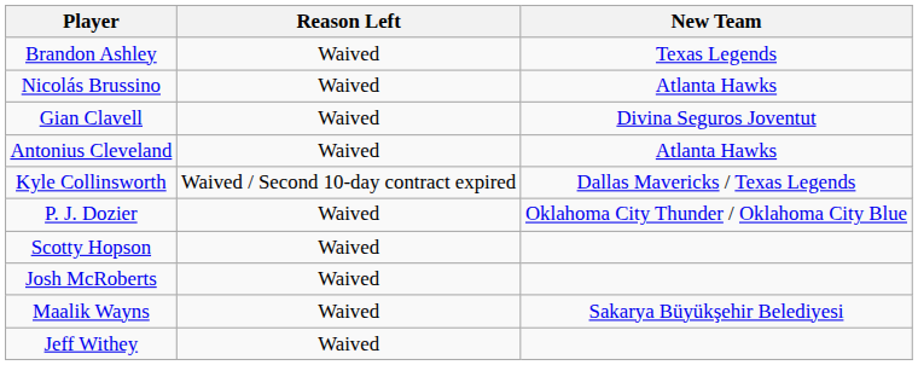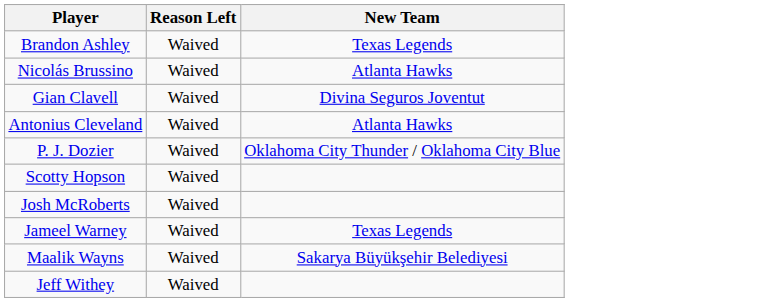 <table class="wikitable sortable sortable">
 <tr>
 <th>Player</th>
 <th>Reason Left</th>
 <th>New Team</th>
 </tr>
 <tr style="text-align: center">
 <td><a href='#'>Brandon Ashley</a></td>
 <td>Waived</td>
 <td><a href='#'>Texas Legends</a></td>
 </tr>
 <tr style="text-align: center">
 <td><a href='#'>Nicolás Brussino</a></td>
 <td>Waived</td>
 <td><a href='#'>Atlanta Hawks</a></td>
 </tr>
 <tr style="text-align: center">
 <td><a href='#'>Gian Clavell</a></td>
 <td>Waived</td>
 <td> <a href='#'>Divina Seguros Joventut</a></td>
 </tr>
 <tr style="text-align: center">
 <td><a href='#'>Antonius Cleveland</a></td>
 <td>Waived</td>
 <td><a href='#'>Atlanta Hawks</a></td>
 </tr>
 <tr style="text-align: center">
-<td><a href='#'>Kyle Collinsworth</a></td>
-<td>Waived / Second 10-day contract expired</td>
-<td><a href='#'>Dallas Mavericks</a> / <a href='#'>Texas Legends</a></td>
-</tr>
-<tr style="text-align: center">
 <td><a href='#'>P. J. Dozier</a></td>
 <td>Waived</td>
 <td><a href='#'>Oklahoma City Thunder</a> / <a href='#'>Oklahoma City Blue</a></td>
 </tr>
 <tr style="text-align: center">
 <td><a href='#'>Scotty Hopson</a></td>
 <td>Waived</td>
 <td></td>
 </tr>
 <tr style="text-align: center">
 <td><a href='#'>Josh McRoberts</a></td>
 <td>Waived</td>
 <td></td>
 </tr>
 <tr style="text-align: center">
+<td><a href='#'>Jameel Warney</a></td>
+<td>Waived</td>
+<td><a href='#'>Texas Legends</a></td>
+</tr>
+<tr style="text-align: center">
 <td><a href='#'>Maalik Wayns</a></td>
 <td>Waived</td>
 <td> <a href='#'>Sakarya Büyükşehir Belediyesi</a></td>
 </tr>
 <tr style="text-align: center">
 <td><a href='#'>Jeff Withey</a></td>
 <td>Waived</td>
 <td></td>
 </tr>
 </table>
